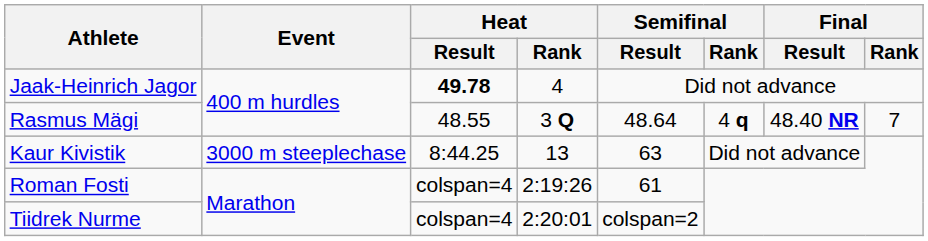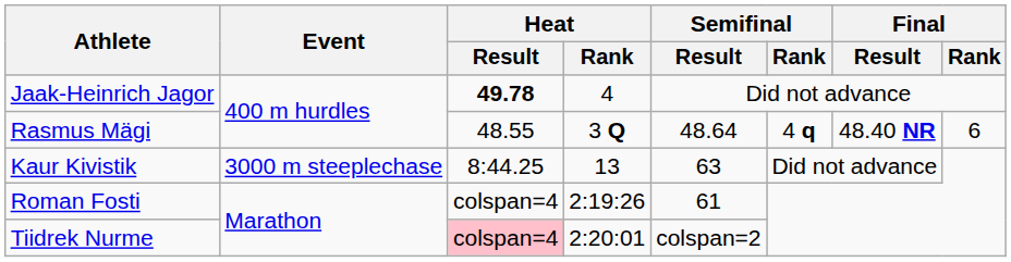 <table class="wikitable" style="font-size:90%">
 <tr>
 <th rowspan="2">Athlete</th>
 <th rowspan="2">Event</th>
 <th colspan="2">Heat</th>
 <th colspan="2">Semifinal</th>
 <th colspan="2">Final</th>
 </tr>
 <tr style="font-size:95%">
 <th>Result</th>
 <th>Rank</th>
 <th>Result</th>
 <th>Rank</th>
 <th>Result</th>
 <th>Rank</th>
 </tr>
 <tr align=center>
 <td align=left><a href='#'>Jaak-Heinrich Jagor</a></td>
 <td align=left rowspan=2><a href='#'>400 m hurdles</a></td>
 <td><strong>49.78</strong></td>
 <td>4</td>
 <td colspan=4>Did not advance</td>
 </tr>
 <tr align=center>
 <td align=left><a href='#'>Rasmus Mägi</a></td>
 <td>48.55</td>
 <td>3 <strong>Q</strong></td>
 <td>48.64</td>
 <td>4 <strong>q</strong></td>
 <td>48.40 <strong><a href='#'>NR</a></strong></td>
-<td>7</td>
+<td>6</td>
 </tr>
 <tr align=center>
 <td align=left><a href='#'>Kaur Kivistik</a></td>
 <td align=left><a href='#'>3000 m steeplechase</a></td>
 <td>8:44.25</td>
 <td>13</td>
 <td>63</td>
 <td colspan=2>Did not advance</td>
 </tr>
 <tr align=center>
 <td align=left><a href='#'>Roman Fosti</a></td>
 <td align=left rowspan=2><a href='#'>Marathon</a></td>
 <td>colspan=4 </td>
 <td>2:19:26</td>
 <td>61</td>
 </tr>
 <tr align=center>
 <td align=left><a href='#'>Tiidrek Nurme</a></td>
-<td>colspan=4 </td>
+<td style="background: pink;">colspan=4 </td>
 <td>2:20:01</td>
 <td>colspan=2 </td>
 </tr>
 </table>
